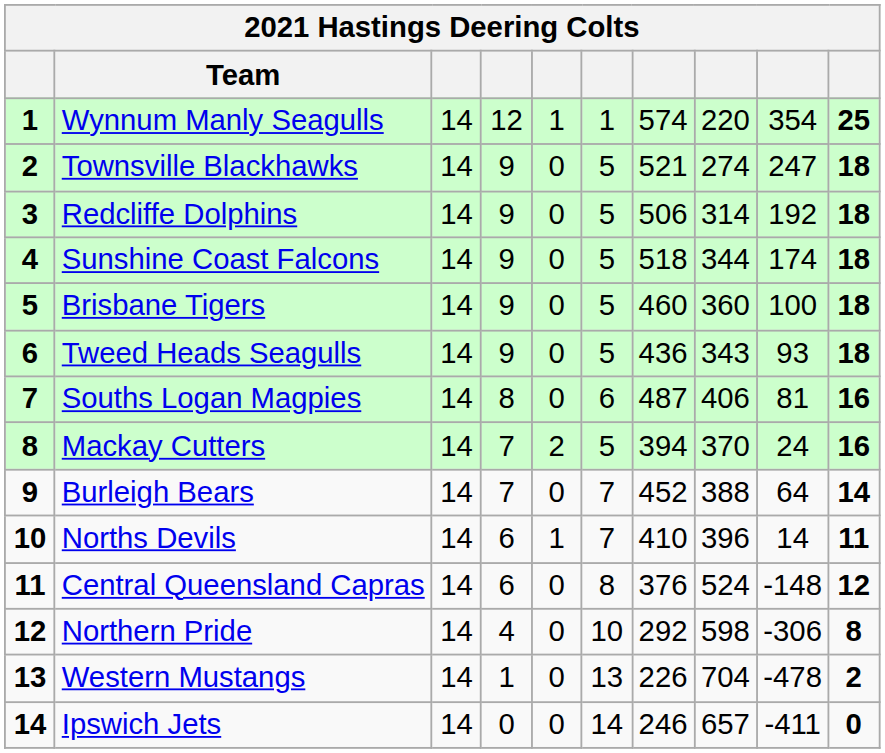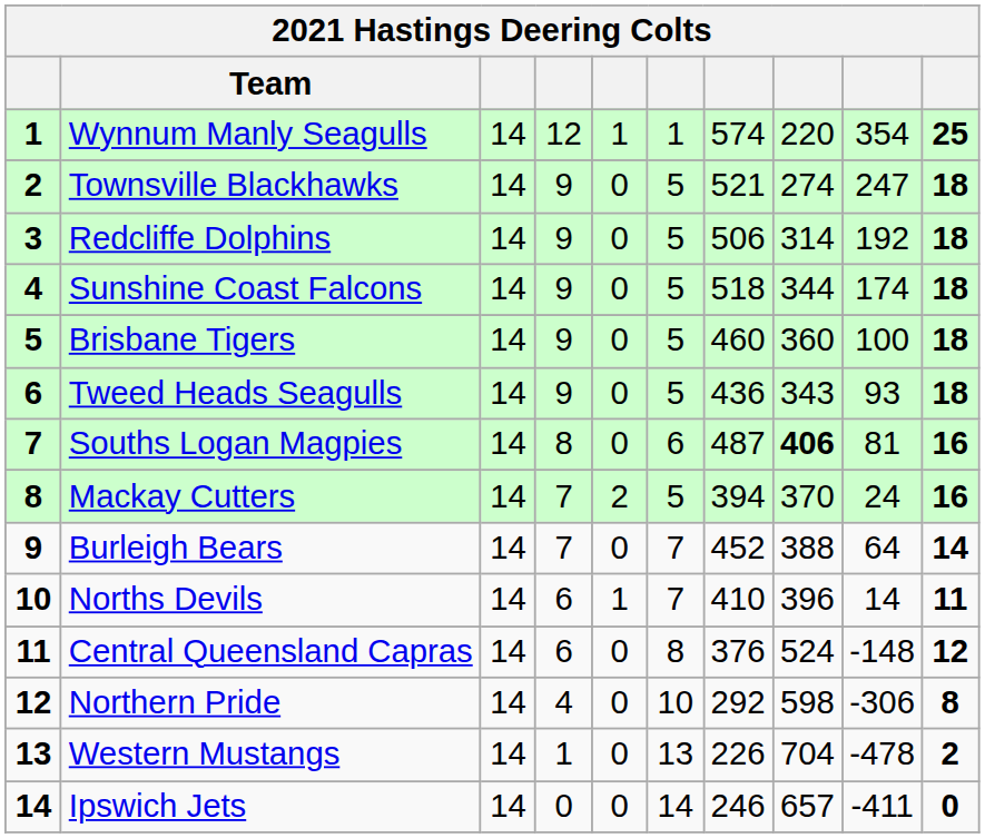 <table class="wikitable" style="text-align:center;">
 <tr>
 <th colspan="11">2021 Hastings Deering Colts</th>
 </tr>
 <tr>
 <th width="20"></th>
 <th>Team</th>
 <th width="20"></th>
 <th width="20"></th>
 <th width="20"></th>
 <th width="20"></th>
 <th width="25"></th>
 <th width="25"></th>
 <th width="30"></th>
 <th width="20"></th>
 </tr>
 <tr style="background: #ccffcc;">
 <td><strong>1</strong></td>
 <td style="text-align:left;"> <a href='#'>Wynnum Manly Seagulls</a></td>
 <td>14</td>
 <td>12</td>
 <td>1</td>
 <td>1</td>
 <td>574</td>
 <td>220</td>
 <td>354</td>
 <td><strong>25</strong></td>
 </tr>
 <tr style="background: #ccffcc;">
 <td><strong>2</strong></td>
 <td style="text-align:left;"> <a href='#'>Townsville Blackhawks</a></td>
 <td>14</td>
 <td>9</td>
 <td>0</td>
 <td>5</td>
 <td>521</td>
 <td>274</td>
 <td>247</td>
 <td><strong>18</strong></td>
 </tr>
 <tr style="background: #ccffcc;">
 <td><strong>3</strong></td>
 <td style="text-align:left;"> <a href='#'>Redcliffe Dolphins</a></td>
 <td>14</td>
 <td>9</td>
 <td>0</td>
 <td>5</td>
 <td>506</td>
 <td>314</td>
 <td>192</td>
 <td><strong>18</strong></td>
 </tr>
 <tr style="background: #ccffcc;">
 <td><strong>4</strong></td>
 <td style="text-align:left;"> <a href='#'>Sunshine Coast Falcons</a></td>
 <td>14</td>
 <td>9</td>
 <td>0</td>
 <td>5</td>
 <td>518</td>
 <td>344</td>
 <td>174</td>
 <td><strong>18</strong></td>
 </tr>
 <tr style="background: #ccffcc;">
 <td><strong>5</strong></td>
 <td style="text-align:left;"> <a href='#'>Brisbane Tigers</a></td>
 <td>14</td>
 <td>9</td>
 <td>0</td>
 <td>5</td>
 <td>460</td>
 <td>360</td>
 <td>100</td>
 <td><strong>18</strong></td>
 </tr>
 <tr style="background: #ccffcc;">
 <td><strong>6</strong></td>
 <td style="text-align:left;"> <a href='#'>Tweed Heads Seagulls</a></td>
 <td>14</td>
 <td>9</td>
 <td>0</td>
 <td>5</td>
 <td>436</td>
 <td>343</td>
 <td>93</td>
 <td><strong>18</strong></td>
 </tr>
 <tr style="background: #ccffcc;">
 <td><strong>7</strong></td>
 <td style="text-align:left;"> <a href='#'>Souths Logan Magpies</a></td>
 <td>14</td>
 <td>8</td>
 <td>0</td>
 <td>6</td>
 <td>487</td>
-<td>406</td>
+<td><strong>406</strong></td>
 <td>81</td>
 <td><strong>16</strong></td>
 </tr>
 <tr style="background: #ccffcc;">
 <td><strong>8</strong></td>
 <td style="text-align:left;"> <a href='#'>Mackay Cutters</a></td>
 <td>14</td>
 <td>7</td>
 <td>2</td>
 <td>5</td>
 <td>394</td>
 <td>370</td>
 <td>24</td>
 <td><strong>16</strong></td>
 </tr>
 <tr>
 <td><strong>9</strong></td>
 <td style="text-align:left;"> <a href='#'>Burleigh Bears</a></td>
 <td>14</td>
 <td>7</td>
 <td>0</td>
 <td>7</td>
 <td>452</td>
 <td>388</td>
 <td>64</td>
 <td><strong>14</strong></td>
 </tr>
 <tr>
 <td><strong>10</strong></td>
 <td style="text-align:left;"> <a href='#'>Norths Devils</a></td>
 <td>14</td>
 <td>6</td>
 <td>1</td>
 <td>7</td>
 <td>410</td>
 <td>396</td>
 <td>14</td>
 <td><strong>11</strong></td>
 </tr>
 <tr>
 <td><strong>11</strong></td>
 <td style="text-align:left;"> <a href='#'>Central Queensland Capras</a></td>
 <td>14</td>
 <td>6</td>
 <td>0</td>
 <td>8</td>
 <td>376</td>
 <td>524</td>
 <td>-148</td>
 <td><strong>12</strong></td>
 </tr>
 <tr>
 <td><strong>12</strong></td>
 <td style="text-align:left;"> <a href='#'>Northern Pride</a></td>
 <td>14</td>
 <td>4</td>
 <td>0</td>
 <td>10</td>
 <td>292</td>
 <td>598</td>
 <td>-306</td>
 <td><strong>8</strong></td>
 </tr>
 <tr>
 <td><strong>13</strong></td>
 <td style="text-align:left;"> <a href='#'>Western Mustangs</a></td>
 <td>14</td>
 <td>1</td>
 <td>0</td>
 <td>13</td>
 <td>226</td>
 <td>704</td>
 <td>-478</td>
 <td><strong>2</strong></td>
 </tr>
 <tr>
 <td><strong>14</strong></td>
 <td style="text-align:left;"> <a href='#'>Ipswich Jets</a></td>
 <td>14</td>
 <td>0</td>
 <td>0</td>
 <td>14</td>
 <td>246</td>
 <td>657</td>
 <td>-411</td>
 <td><strong>0</strong></td>
 </tr>
 </table>
